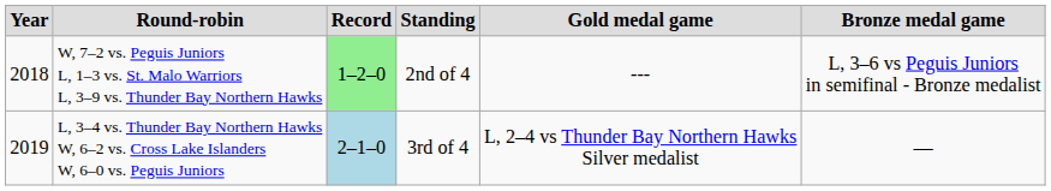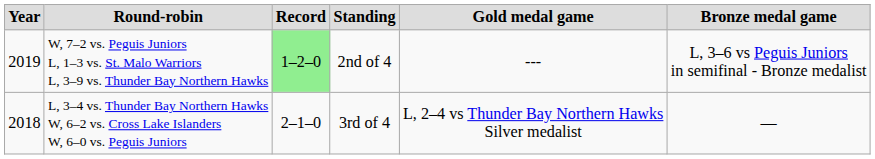 <table class="wikitable" style="text-align:center">
 <tr style="font-weight:bold; background-color:#dddddd;" |>
 <td>Year</td>
 <td>Round-robin</td>
 <td>Record</td>
 <td>Standing</td>
 <td>Gold medal game</td>
 <td>Bronze medal game</td>
 </tr>
 <tr>
-<td>2018</td>
+<td>2019</td>
 <td align=left><small>W, 7–2 vs. <a href='#'>Peguis Juniors</a><br>L, 1–3 vs. <a href='#'>St. Malo Warriors</a><br>L, 3–9 vs. <a href='#'>Thunder Bay Northern Hawks</a></small></td>
 <td style="background: lightgreen;">1–2–0</td>
 <td>2nd of 4</td>
 <td>---</td>
 <td>L, 3–6 vs <a href='#'>Peguis Juniors</a><br>in semifinal - Bronze medalist</td>
 </tr>
 <tr>
-<td>2019</td>
+<td>2018</td>
 <td align=left><small>L, 3–4 vs. <a href='#'>Thunder Bay Northern Hawks</a><br>W, 6–2 vs. <a href='#'>Cross Lake Islanders</a><br>W, 6–0 vs. <a href='#'>Peguis Juniors</a></small></td>
-<td style="background: lightblue;">2–1–0</td>
+<td>2–1–0</td>
 <td>3rd of 4</td>
 <td>L, 2–4 vs <a href='#'>Thunder Bay Northern Hawks</a><br>Silver medalist</td>
 <td>—</td>
 </tr>
 </table>
